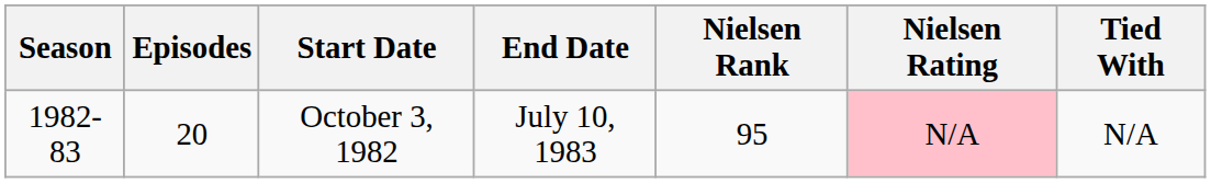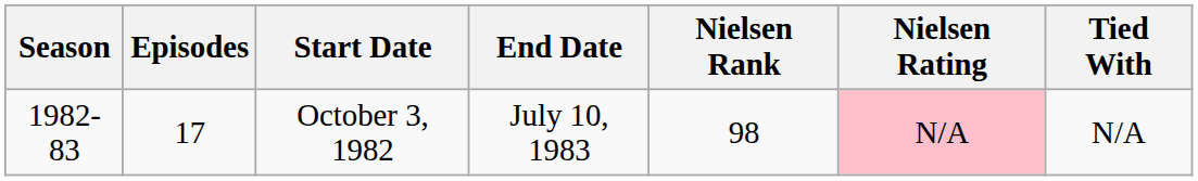 <table class="wikitable" style="text-align: center">
 <tr>
 <th>Season</th>
 <th>Episodes</th>
 <th>Start Date</th>
 <th>End Date</th>
 <th>Nielsen Rank</th>
 <th>Nielsen Rating</th>
 <th>Tied With</th>
 </tr>
 <tr>
 <td style="text-align:center">1982-83</td>
-<td style="text-align:center">20</td>
+<td style="text-align:center">17</td>
 <td style="text-align:center">October 3, 1982</td>
 <td style="text-align:center">July 10, 1983</td>
-<td style="text-align:center:">95</td>
+<td style="text-align:center:">98</td>
 <td style="background: pink; text-align:center">N/A</td>
 <td style="text-align:center">N/A</td>
 </tr>
 </table>
